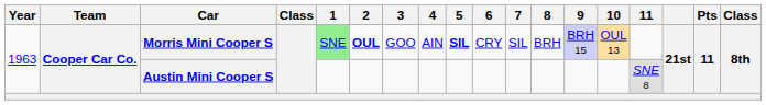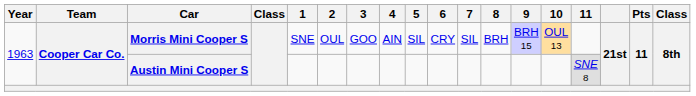 <table class="wikitable" style="text-align:center; font-size:85%">
 <tr>
 <th>Year</th>
 <th>Team</th>
 <th>Car</th>
 <th>Class</th>
 <th>1</th>
 <th>2</th>
 <th>3</th>
 <th>4</th>
 <th>5</th>
 <th>6</th>
 <th>7</th>
 <th>8</th>
 <th>9</th>
 <th>10</th>
 <th>11</th>
 <th></th>
 <th>Pts</th>
 <th>Class</th>
 </tr>
 <tr>
 <td rowspan=2><a href='#'>1963</a></td>
 <th rowspan=2><a href='#'>Cooper Car Co.</a></th>
 <th><a href='#'>Morris Mini Cooper S</a></th>
 <th rowspan=2><span></span></th>
-<td style="background: lightgreen;"><a href='#'>SNE</a></td>
-<td><strong><a href='#'>OUL</a></strong></td>
+<td><a href='#'>SNE</a></td>
+<td><a href='#'>OUL</a></td>
 <td><a href='#'>GOO</a></td>
 <td><a href='#'>AIN</a></td>
-<td><strong><a href='#'>SIL</a></strong></td>
+<td><a href='#'>SIL</a></td>
 <td><a href='#'>CRY</a></td>
 <td><a href='#'>SIL</a></td>
 <td><a href='#'>BRH</a></td>
 <td style="background:#CFCFFF;"><a href='#'>BRH</a><br><small>15</small></td>
 <td style="background:#FFDF9F;"><a href='#'>OUL</a><br><small>13</small></td>
 <td></td>
 <th rowspan=2>21st</th>
 <th rowspan=2>11</th>
 <th rowspan=2>8th</th>
 </tr>
 <tr>
 <th><a href='#'>Austin Mini Cooper S</a></th>
 <td></td>
 <td></td>
 <td></td>
 <td></td>
 <td></td>
 <td></td>
 <td></td>
 <td></td>
 <td></td>
 <td></td>
 <td style="background:#DFDFDF;"><em><a href='#'>SNE</a></em><br><small>8</small></td>
 </tr>
 <tr>
 <th colspan="18"></th>
 </tr>
 </table>
